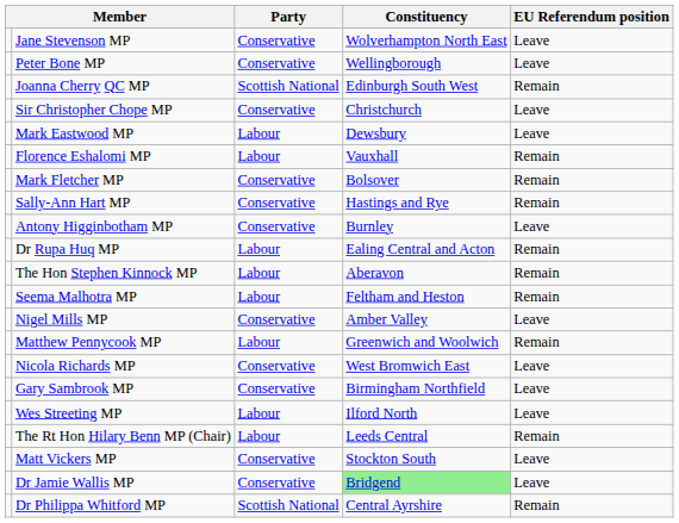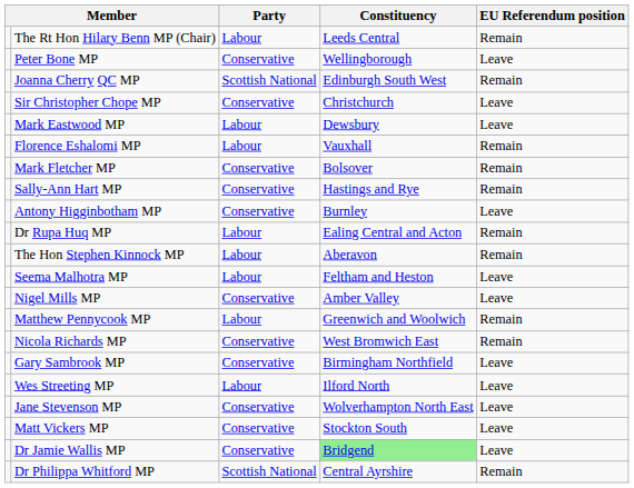 <table class="wikitable">
 <tr>
 <th colspan="2" valign="top">Member</th>
 <th valign="top">Party</th>
 <th valign="top">Constituency</th>
 <th>EU Referendum position</th>
 </tr>
 <tr>
 <td style="color:inherit;background:"></td>
-<td><a href='#'>Jane Stevenson</a> MP</td>
-<td><a href='#'>Conservative</a></td>
-<td><a href='#'>Wolverhampton North East</a></td>
-<td>Leave</td>
+<td>The Rt Hon <a href='#'>Hilary Benn</a> MP (Chair)</td>
+<td><a href='#'>Labour</a></td>
+<td><a href='#'>Leeds Central</a></td>
+<td>Remain</td>
 </tr>
 <tr>
 <td style="color:inherit;background:"></td>
 <td><a href='#'>Peter Bone</a> MP</td>
 <td><a href='#'>Conservative</a></td>
 <td><a href='#'>Wellingborough</a></td>
 <td>Leave</td>
 </tr>
 <tr>
 <td style="color:inherit;background:"></td>
 <td><a href='#'>Joanna Cherry</a> <a href='#'>QC</a> MP</td>
 <td><a href='#'>Scottish National</a></td>
 <td><a href='#'>Edinburgh South West</a></td>
 <td>Remain</td>
 </tr>
 <tr>
 <td style="color:inherit;background:"></td>
 <td><a href='#'>Sir Christopher Chope</a> MP</td>
 <td><a href='#'>Conservative</a></td>
 <td><a href='#'>Christchurch</a></td>
 <td>Leave</td>
 </tr>
 <tr>
 <td style="color:inherit;background:"></td>
 <td><a href='#'>Mark Eastwood</a> MP</td>
 <td><a href='#'>Labour</a></td>
 <td><a href='#'>Dewsbury</a></td>
 <td>Leave</td>
 </tr>
 <tr>
 <td style="color:inherit;background:"></td>
 <td><a href='#'>Florence Eshalomi</a> MP</td>
 <td><a href='#'>Labour</a></td>
 <td><a href='#'>Vauxhall</a></td>
 <td>Remain</td>
 </tr>
 <tr>
 <td style="color:inherit;background:"></td>
 <td><a href='#'>Mark Fletcher</a> MP</td>
 <td><a href='#'>Conservative</a></td>
 <td><a href='#'>Bolsover</a></td>
 <td>Remain</td>
 </tr>
 <tr>
 <td style="color:inherit;background:"></td>
 <td><a href='#'>Sally-Ann Hart</a> MP</td>
 <td><a href='#'>Conservative</a></td>
 <td><a href='#'>Hastings and Rye</a></td>
 <td>Remain</td>
 </tr>
 <tr>
 <td style="color:inherit;background:"></td>
 <td><a href='#'>Antony Higginbotham</a> MP</td>
 <td><a href='#'>Conservative</a></td>
 <td><a href='#'>Burnley</a></td>
 <td>Leave</td>
 </tr>
 <tr>
 <td style="color:inherit;background:"></td>
 <td>Dr <a href='#'>Rupa Huq</a> MP</td>
 <td><a href='#'>Labour</a></td>
 <td><a href='#'>Ealing Central and Acton</a></td>
 <td>Remain</td>
 </tr>
 <tr>
 <td style="color:inherit;background:"></td>
 <td>The Hon <a href='#'>Stephen Kinnock</a> MP</td>
 <td><a href='#'>Labour</a></td>
 <td><a href='#'>Aberavon</a></td>
 <td>Remain</td>
 </tr>
 <tr>
 <td style="color:inherit;background:"></td>
 <td><a href='#'>Seema Malhotra</a> MP</td>
 <td><a href='#'>Labour</a></td>
 <td><a href='#'>Feltham and Heston</a></td>
-<td>Remain</td>
+<td>Leave</td>
 </tr>
 <tr>
 <td style="color:inherit;background:"></td>
 <td><a href='#'>Nigel Mills</a> MP</td>
 <td><a href='#'>Conservative</a></td>
 <td><a href='#'>Amber Valley</a></td>
 <td>Leave</td>
 </tr>
 <tr>
 <td style="color:inherit;background:"></td>
 <td><a href='#'>Matthew Pennycook</a> MP</td>
 <td><a href='#'>Labour</a></td>
 <td><a href='#'>Greenwich and Woolwich</a></td>
 <td>Remain</td>
 </tr>
 <tr>
 <td style="color:inherit;background:"></td>
 <td><a href='#'>Nicola Richards</a> MP</td>
 <td><a href='#'>Conservative</a></td>
 <td><a href='#'>West Bromwich East</a></td>
-<td>Leave</td>
+<td>Remain</td>
 </tr>
 <tr>
 <td style="color:inherit;background:"></td>
 <td><a href='#'>Gary Sambrook</a> MP</td>
 <td><a href='#'>Conservative</a></td>
 <td><a href='#'>Birmingham Northfield</a></td>
 <td>Leave</td>
 </tr>
 <tr>
 <td style="color:inherit;background:"></td>
 <td><a href='#'>Wes Streeting</a> MP</td>
 <td><a href='#'>Labour</a></td>
 <td><a href='#'>Ilford North</a></td>
 <td>Leave</td>
 </tr>
 <tr>
 <td style="color:inherit;background:"></td>
-<td>The Rt Hon <a href='#'>Hilary Benn</a> MP (Chair)</td>
-<td><a href='#'>Labour</a></td>
-<td><a href='#'>Leeds Central</a></td>
-<td>Remain</td>
+<td><a href='#'>Jane Stevenson</a> MP</td>
+<td><a href='#'>Conservative</a></td>
+<td><a href='#'>Wolverhampton North East</a></td>
+<td>Leave</td>
 </tr>
 <tr>
 <td style="color:inherit;background:"></td>
 <td><a href='#'>Matt Vickers</a> MP</td>
 <td><a href='#'>Conservative</a></td>
 <td><a href='#'>Stockton South</a></td>
 <td>Leave</td>
 </tr>
 <tr>
 <td style="color:inherit;background:"></td>
 <td><a href='#'>Dr Jamie Wallis</a> MP</td>
 <td><a href='#'>Conservative</a></td>
 <td style="background: lightgreen;"><a href='#'>Bridgend</a></td>
 <td>Leave</td>
 </tr>
 <tr>
 <td style="color:inherit;background:"></td>
 <td><a href='#'>Dr Philippa Whitford</a> MP</td>
 <td><a href='#'>Scottish National</a></td>
 <td><a href='#'>Central Ayrshire</a></td>
 <td>Remain</td>
 </tr>
 </table>
